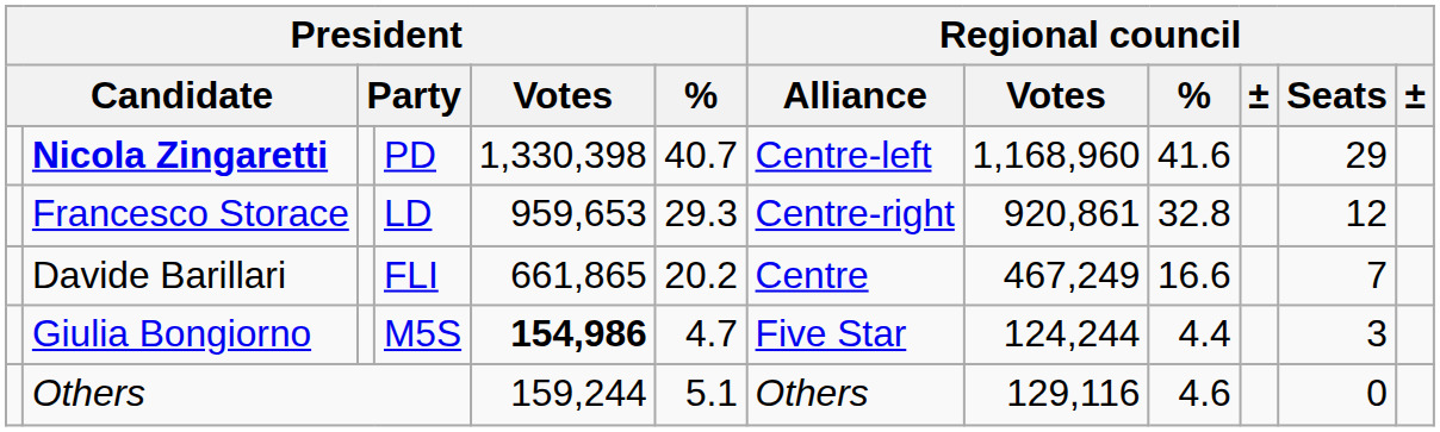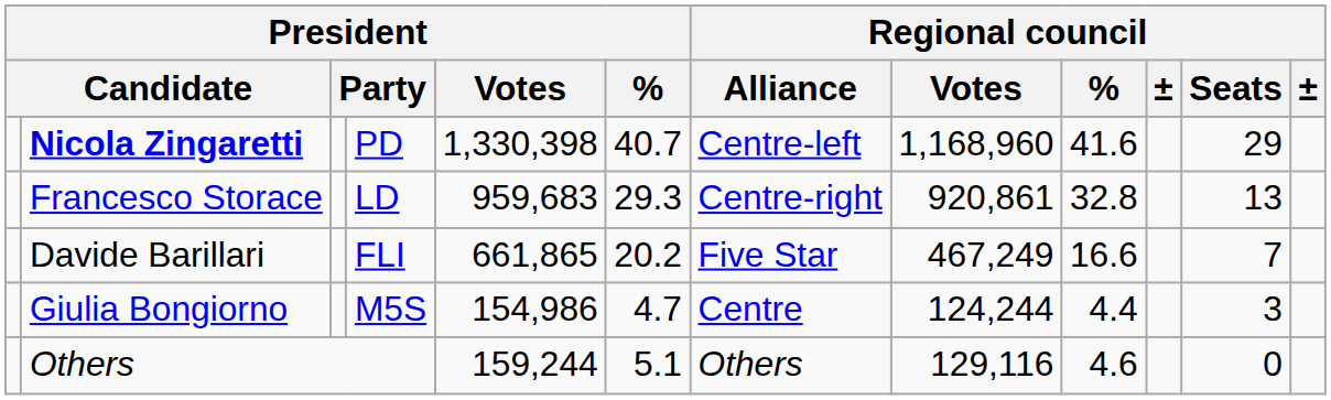 <table class="wikitable" style="text-align:right">
 <tr>
 <th colspan="6">President</th>
 <th colspan="6">Regional council</th>
 </tr>
 <tr>
 <th colspan="2">Candidate</th>
 <th colspan="2">Party</th>
 <th>Votes</th>
 <th>%</th>
 <th>Alliance</th>
 <th>Votes</th>
 <th>%</th>
 <th>±</th>
 <th>Seats</th>
 <th>±</th>
 </tr>
 <tr>
 <td></td>
 <td style="text-align:left"><strong><a href='#'>Nicola Zingaretti</a></strong></td>
 <td></td>
 <td style="text-align:left"><a href='#'>PD</a></td>
 <td>1,330,398</td>
 <td>40.7</td>
 <td style="text-align:left"><a href='#'>Centre-left</a></td>
 <td>1,168,960</td>
 <td>41.6</td>
 <td></td>
 <td>29</td>
 <td></td>
 </tr>
 <tr>
 <td></td>
 <td style="text-align:left"><a href='#'>Francesco Storace</a></td>
 <td></td>
 <td style="text-align:left"><a href='#'>LD</a></td>
-<td>959,653</td>
+<td>959,683</td>
 <td>29.3</td>
 <td style="text-align:left"><a href='#'>Centre-right</a></td>
 <td>920,861</td>
 <td>32.8</td>
 <td></td>
-<td>12</td>
+<td>13</td>
 <td></td>
 </tr>
 <tr>
 <td></td>
 <td style="text-align:left">Davide Barillari</td>
 <td></td>
 <td style="text-align:left"><a href='#'>FLI</a></td>
 <td>661,865</td>
 <td>20.2</td>
-<td style="text-align:left"><a href='#'>Centre</a></td>
+<td style="text-align:left"><a href='#'>Five Star</a></td>
 <td>467,249</td>
 <td>16.6</td>
 <td></td>
 <td>7</td>
 <td></td>
 </tr>
 <tr>
 <td></td>
 <td style="text-align:left"><a href='#'>Giulia Bongiorno</a></td>
 <td></td>
 <td style="text-align:left"><a href='#'>M5S</a></td>
-<td><strong>154,986</strong></td>
+<td>154,986</td>
 <td>4.7</td>
-<td style="text-align:left"><a href='#'>Five Star</a></td>
+<td style="text-align:left"><a href='#'>Centre</a></td>
 <td>124,244</td>
 <td>4.4</td>
 <td></td>
 <td>3</td>
 <td></td>
 </tr>
 <tr>
 <td></td>
 <td colspan="3" style="text-align:left"><em>Others</em></td>
 <td>159,244</td>
 <td>5.1</td>
 <td style="text-align:left"><em>Others</em></td>
 <td>129,116</td>
 <td>4.6</td>
 <td></td>
 <td>0</td>
 <td></td>
 </tr>
 </table>
